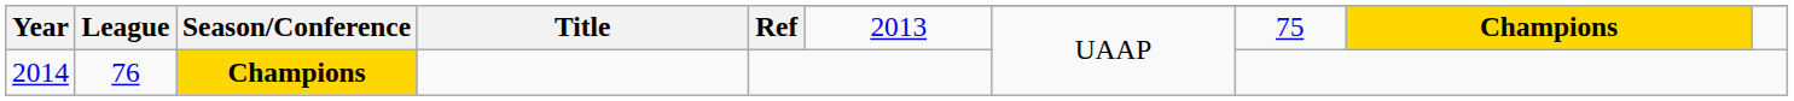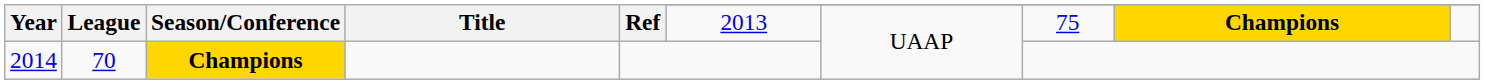 <table class="wikitable sortable" style="text-align:center" width="80%">
 <tr>
 <th style="width:5px;" rowspan="2">Year</th>
 <th style="width:25px;" rowspan="2">League</th>
 <th style="width:100px;" rowspan="2">Season/Conference</th>
 <th style="width:180px;" rowspan="2">Title</th>
 <th style="width:25px;" rowspan="2">Ref</th>
 </tr>
 <tr align=center>
 <td><a href='#'>2013</a></td>
 <td rowspan=2>UAAP</td>
 <td><a href='#'>75</a></td>
 <td style="background:gold;"><strong>Champions</strong></td>
 <td></td>
 </tr>
 <tr align=center>
 <td><a href='#'>2014</a></td>
-<td><a href='#'>76</a></td>
+<td><a href='#'>70</a></td>
 <td style="background:gold;"><strong>Champions</strong></td>
 <td></td>
 </tr>
 </table>
